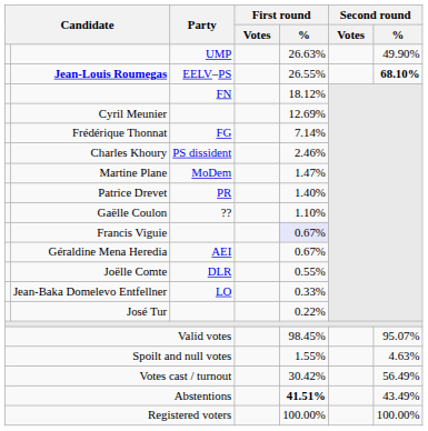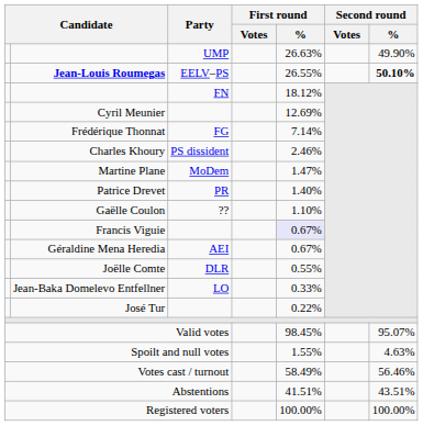 <table class="wikitable" style="text-align:right;font-size:95%;">
 <tr>
 <th rowspan=2 colspan=2>Candidate</th>
 <th rowspan=2 colspan=1>Party</th>
 <th colspan=2>First round</th>
 <th colspan=2>Second round</th>
 </tr>
 <tr>
 <th style="width:50px;">Votes</th>
 <th style="width:55px;">%</th>
 <th style="width:50px;">Votes</th>
 <th style="width:55px;">%</th>
 </tr>
 <tr>
 <td style="color:inherit;background-color:"></td>
 <td></td>
 <td><a href='#'>UMP</a></td>
 <td></td>
 <td>26.63%</td>
 <td></td>
 <td>49.90%</td>
 </tr>
 <tr>
 <td style="color:inherit;background-color:"></td>
 <td><strong><a href='#'>Jean-Louis Roumegas</a></strong></td>
 <td><a href='#'>EELV</a>–<a href='#'>PS</a></td>
 <td></td>
 <td>26.55%</td>
 <td><strong></strong></td>
-<td><strong>68.10%</strong></td>
+<td><strong>50.10%</strong></td>
 </tr>
 <tr>
 <td style="color:inherit;background-color:"></td>
 <td></td>
 <td><a href='#'>FN</a></td>
 <td></td>
 <td>18.12%</td>
 <td colspan=7 rowspan=12 style="background-color:#E9E9E9;"></td>
 </tr>
 <tr>
 <td style="background-color:;"></td>
 <td>Cyril Meunier</td>
 <td></td>
 <td></td>
 <td>12.69%</td>
 </tr>
 <tr>
 <td style="color:inherit;background-color:"></td>
 <td>Frédérique Thonnat</td>
 <td><a href='#'>FG</a></td>
 <td></td>
 <td>7.14%</td>
 </tr>
 <tr>
 <td style="color:inherit;background-color:"></td>
 <td>Charles Khoury</td>
 <td><a href='#'>PS dissident</a></td>
 <td></td>
 <td>2.46%</td>
 </tr>
 <tr>
 <td style="color:inherit;background-color:"></td>
 <td>Martine Plane</td>
 <td><a href='#'>MoDem</a></td>
 <td></td>
 <td>1.47%</td>
 </tr>
 <tr>
 <td style="color:inherit;background-color:"></td>
 <td>Patrice Drevet</td>
 <td><a href='#'>PR</a></td>
 <td></td>
 <td>1.40%</td>
 </tr>
 <tr>
 <td style="background-color:;"></td>
 <td>Gaëlle Coulon</td>
 <td>??</td>
 <td></td>
 <td>1.10%</td>
 </tr>
 <tr>
 <td style="background-color:;"></td>
 <td>Francis Viguie</td>
 <td></td>
 <td></td>
 <td style="background: lavender;">0.67%</td>
 </tr>
 <tr>
 <td style="color:inherit;background-color:"></td>
 <td>Géraldine Mena Heredia</td>
 <td><a href='#'>AEI</a></td>
 <td></td>
 <td>0.67%</td>
 </tr>
 <tr>
 <td style="color:inherit;background-color:"></td>
 <td>Joëlle Comte</td>
 <td><a href='#'>DLR</a></td>
 <td></td>
 <td>0.55%</td>
 </tr>
 <tr>
 <td style="color:inherit;background-color:"></td>
 <td>Jean-Baka Domelevo Entfellner</td>
 <td><a href='#'>LO</a></td>
 <td></td>
 <td>0.33%</td>
 </tr>
 <tr>
 <td style="background-color:;"></td>
 <td>José Tur</td>
 <td></td>
 <td></td>
 <td>0.22%</td>
 </tr>
 <tr>
 <td colspan=7 style="background-color:#E9E9E9;"></td>
 </tr>
 <tr>
 <td colspan=3>Valid votes</td>
 <td></td>
 <td>98.45%</td>
 <td></td>
 <td>95.07%</td>
 </tr>
 <tr>
 <td colspan=3>Spoilt and null votes</td>
 <td></td>
 <td>1.55%</td>
 <td></td>
 <td>4.63%</td>
 </tr>
 <tr>
 <td colspan=3>Votes cast / turnout</td>
 <td></td>
-<td>30.42%</td>
+<td>58.49%</td>
 <td></td>
-<td>56.49%</td>
+<td>56.46%</td>
 </tr>
 <tr>
 <td colspan=3>Abstentions</td>
 <td></td>
-<td><strong>41.51%</strong></td>
+<td>41.51%</td>
 <td></td>
-<td>43.49%</td>
+<td>43.51%</td>
 </tr>
 <tr>
 <td colspan=3>Registered voters</td>
 <td></td>
 <td>100.00%</td>
 <td></td>
 <td>100.00%</td>
 </tr>
 </table>
